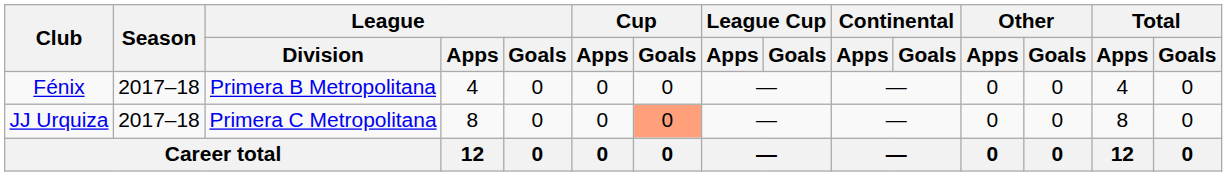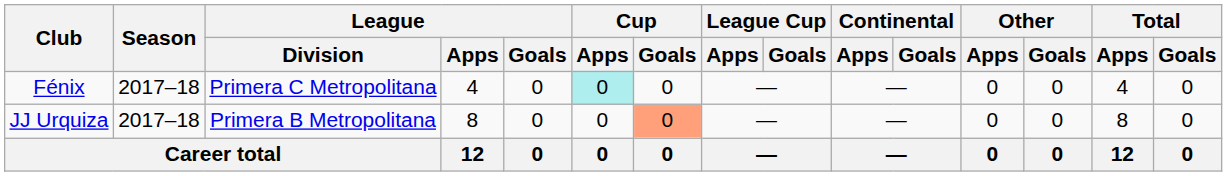 <table class="wikitable" style="text-align:center">
 <tr>
 <th rowspan="2">Club</th>
 <th rowspan="2">Season</th>
 <th colspan="3">League</th>
 <th colspan="2">Cup</th>
 <th colspan="2">League Cup</th>
 <th colspan="2">Continental</th>
 <th colspan="2">Other</th>
 <th colspan="2">Total</th>
 </tr>
 <tr>
 <th>Division</th>
 <th>Apps</th>
 <th>Goals</th>
 <th>Apps</th>
 <th>Goals</th>
 <th>Apps</th>
 <th>Goals</th>
 <th>Apps</th>
 <th>Goals</th>
 <th>Apps</th>
 <th>Goals</th>
 <th>Apps</th>
 <th>Goals</th>
 </tr>
 <tr>
 <td rowspan="1"><a href='#'>Fénix</a></td>
 <td>2017–18</td>
-<td rowspan="1"><a href='#'>Primera B Metropolitana</a></td>
+<td rowspan="1"><a href='#'>Primera C Metropolitana</a></td>
 <td>4</td>
 <td>0</td>
-<td>0</td>
+<td style="background: paleturquoise;">0</td>
 <td>0</td>
 <td colspan="2">—</td>
 <td colspan="2">—</td>
 <td>0</td>
 <td>0</td>
 <td>4</td>
 <td>0</td>
 </tr>
 <tr>
 <td rowspan="1"><a href='#'>JJ Urquiza</a></td>
 <td>2017–18</td>
-<td rowspan="1"><a href='#'>Primera C Metropolitana</a></td>
+<td rowspan="1"><a href='#'>Primera B Metropolitana</a></td>
 <td>8</td>
 <td>0</td>
 <td>0</td>
 <td style="background: lightsalmon;">0</td>
 <td colspan="2">—</td>
 <td colspan="2">—</td>
 <td>0</td>
 <td>0</td>
 <td>8</td>
 <td>0</td>
 </tr>
 <tr>
 <th colspan="3">Career total</th>
 <th>12</th>
 <th>0</th>
 <th>0</th>
 <th>0</th>
 <th colspan="2">—</th>
 <th colspan="2">—</th>
 <th>0</th>
 <th>0</th>
 <th>12</th>
 <th>0</th>
 </tr>
 </table>
